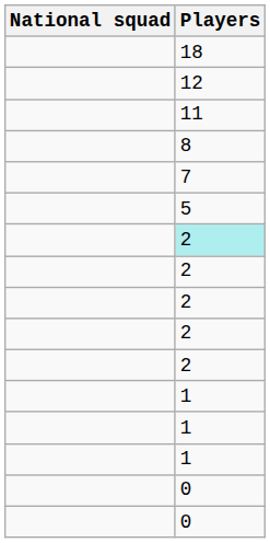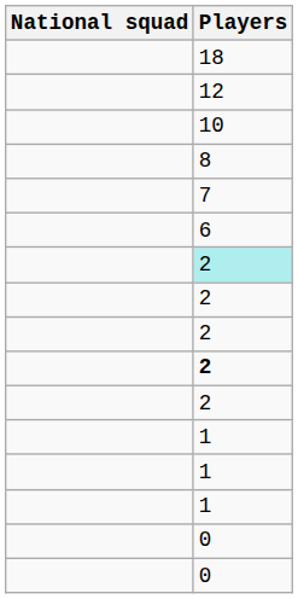 <table class="wikitable sortable">
 <tr>
 <th>National squad</th>
 <th>Players</th>
 </tr>
 <tr>
 <td></td>
 <td>18</td>
 </tr>
 <tr>
 <td></td>
 <td>12</td>
 </tr>
 <tr>
 <td></td>
-<td>11</td>
+<td>10</td>
 </tr>
 <tr>
 <td></td>
 <td>8</td>
 </tr>
 <tr>
 <td></td>
 <td>7</td>
 </tr>
 <tr>
 <td></td>
-<td>5</td>
+<td>6</td>
 </tr>
 <tr>
 <td></td>
 <td style="background: paleturquoise;">2</td>
 </tr>
 <tr>
 <td></td>
 <td>2</td>
 </tr>
 <tr>
 <td></td>
 <td>2</td>
 </tr>
 <tr>
 <td></td>
-<td>2</td>
+<td><strong>2</strong></td>
 </tr>
 <tr>
 <td></td>
 <td>2</td>
 </tr>
 <tr>
 <td></td>
 <td>1</td>
 </tr>
 <tr>
 <td></td>
 <td>1</td>
 </tr>
 <tr>
 <td></td>
 <td>1</td>
 </tr>
 <tr>
 <td></td>
 <td>0</td>
 </tr>
 <tr>
 <td></td>
 <td>0</td>
 </tr>
 </table>
